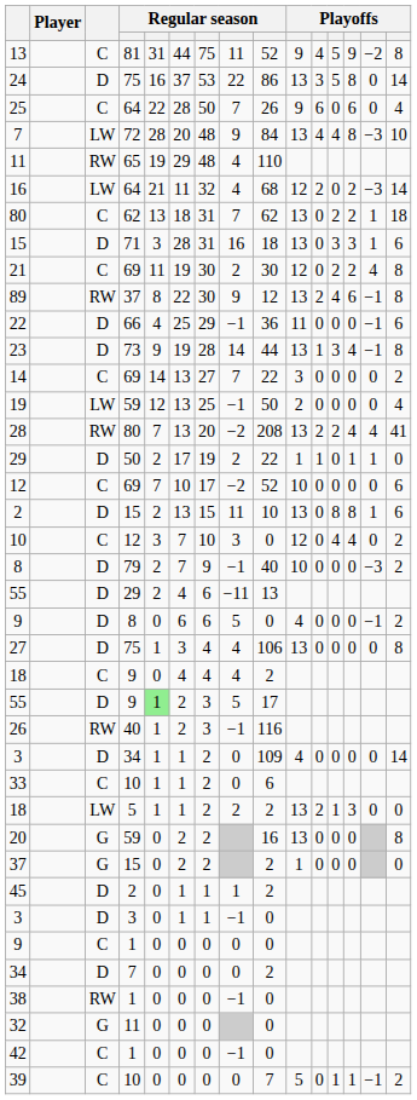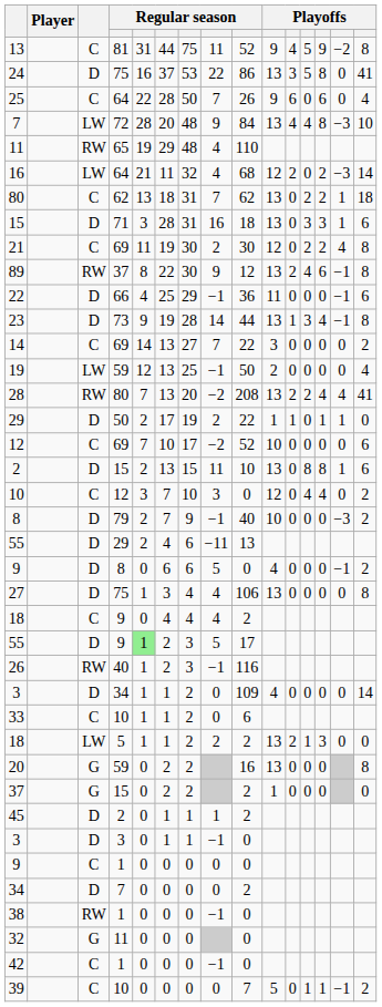 <table class="wikitable sortable plainrowheaders" style="text-align:center;">
 <tr>
 <th scope="col" data-sort-type="number" rowspan="2"></th>
 <th scope="col" rowspan="2">Player</th>
 <th scope="col" rowspan="2"></th>
 <th scope=colgroup colspan=6>Regular season</th>
 <th scope=colgroup colspan=6>Playoffs</th>
 </tr>
 <tr>
 <th scope="col" data-sort-type="number"></th>
 <th scope="col" data-sort-type="number"></th>
 <th scope="col" data-sort-type="number"></th>
 <th scope="col" data-sort-type="number"></th>
 <th scope="col" data-sort-type="number"></th>
 <th scope="col" data-sort-type="number"></th>
 <th scope="col" data-sort-type="number"></th>
 <th scope="col" data-sort-type="number"></th>
 <th scope="col" data-sort-type="number"></th>
 <th scope="col" data-sort-type="number"></th>
 <th scope="col" data-sort-type="number"></th>
 <th scope="col" data-sort-type="number"></th>
 </tr>
 <tr>
 <td scope="row">13</td>
 <td align="left"></td>
 <td>C</td>
 <td>81</td>
 <td>31</td>
 <td>44</td>
 <td>75</td>
 <td>11</td>
 <td>52</td>
 <td>9</td>
 <td>4</td>
 <td>5</td>
 <td>9</td>
 <td>−2</td>
 <td>8</td>
 </tr>
 <tr>
 <td scope="row">24</td>
 <td align="left"></td>
 <td>D</td>
 <td>75</td>
 <td>16</td>
 <td>37</td>
 <td>53</td>
 <td>22</td>
 <td>86</td>
 <td>13</td>
 <td>3</td>
 <td>5</td>
 <td>8</td>
 <td>0</td>
-<td>14</td>
+<td>41</td>
 </tr>
 <tr>
 <td scope="row">25</td>
 <td align="left"></td>
 <td>C</td>
 <td>64</td>
 <td>22</td>
 <td>28</td>
 <td>50</td>
 <td>7</td>
 <td>26</td>
 <td>9</td>
 <td>6</td>
 <td>0</td>
 <td>6</td>
 <td>0</td>
 <td>4</td>
 </tr>
 <tr>
 <td scope="row">7</td>
 <td align="left"></td>
 <td>LW</td>
 <td>72</td>
 <td>28</td>
 <td>20</td>
 <td>48</td>
 <td>9</td>
 <td>84</td>
 <td>13</td>
 <td>4</td>
 <td>4</td>
 <td>8</td>
 <td>−3</td>
 <td>10</td>
 </tr>
 <tr>
 <td scope="row">11</td>
 <td align="left"></td>
 <td>RW</td>
 <td>65</td>
 <td>19</td>
 <td>29</td>
 <td>48</td>
 <td>4</td>
 <td>110</td>
 <td></td>
 <td></td>
 <td></td>
 <td></td>
 <td></td>
 <td></td>
 </tr>
 <tr>
 <td scope="row">16</td>
 <td align="left"></td>
 <td>LW</td>
 <td>64</td>
 <td>21</td>
 <td>11</td>
 <td>32</td>
 <td>4</td>
 <td>68</td>
 <td>12</td>
 <td>2</td>
 <td>0</td>
 <td>2</td>
 <td>−3</td>
 <td>14</td>
 </tr>
 <tr>
 <td scope="row">80</td>
 <td align="left"></td>
 <td>C</td>
 <td>62</td>
 <td>13</td>
 <td>18</td>
 <td>31</td>
 <td>7</td>
 <td>62</td>
 <td>13</td>
 <td>0</td>
 <td>2</td>
 <td>2</td>
 <td>1</td>
 <td>18</td>
 </tr>
 <tr>
 <td scope="row">15</td>
 <td align="left"></td>
 <td>D</td>
 <td>71</td>
 <td>3</td>
 <td>28</td>
 <td>31</td>
 <td>16</td>
 <td>18</td>
 <td>13</td>
 <td>0</td>
 <td>3</td>
 <td>3</td>
 <td>1</td>
 <td>6</td>
 </tr>
 <tr>
 <td scope="row">21</td>
 <td align="left"></td>
 <td>C</td>
 <td>69</td>
 <td>11</td>
 <td>19</td>
 <td>30</td>
 <td>2</td>
 <td>30</td>
 <td>12</td>
 <td>0</td>
 <td>2</td>
 <td>2</td>
 <td>4</td>
 <td>8</td>
 </tr>
 <tr>
 <td scope="row">89</td>
 <td align="left"></td>
 <td>RW</td>
 <td>37</td>
 <td>8</td>
 <td>22</td>
 <td>30</td>
 <td>9</td>
 <td>12</td>
 <td>13</td>
 <td>2</td>
 <td>4</td>
 <td>6</td>
 <td>−1</td>
 <td>8</td>
 </tr>
 <tr>
 <td scope="row">22</td>
 <td align="left"></td>
 <td>D</td>
 <td>66</td>
 <td>4</td>
 <td>25</td>
 <td>29</td>
 <td>−1</td>
 <td>36</td>
 <td>11</td>
 <td>0</td>
 <td>0</td>
 <td>0</td>
 <td>−1</td>
 <td>6</td>
 </tr>
 <tr>
 <td scope="row">23</td>
 <td align="left"></td>
 <td>D</td>
 <td>73</td>
 <td>9</td>
 <td>19</td>
 <td>28</td>
 <td>14</td>
 <td>44</td>
 <td>13</td>
 <td>1</td>
 <td>3</td>
 <td>4</td>
 <td>−1</td>
 <td>8</td>
 </tr>
 <tr>
 <td scope="row">14</td>
 <td align="left"></td>
 <td>C</td>
 <td>69</td>
 <td>14</td>
 <td>13</td>
 <td>27</td>
 <td>7</td>
 <td>22</td>
 <td>3</td>
 <td>0</td>
 <td>0</td>
 <td>0</td>
 <td>0</td>
 <td>2</td>
 </tr>
 <tr>
 <td scope="row">19</td>
 <td align="left"></td>
 <td>LW</td>
 <td>59</td>
 <td>12</td>
 <td>13</td>
 <td>25</td>
 <td>−1</td>
 <td>50</td>
 <td>2</td>
 <td>0</td>
 <td>0</td>
 <td>0</td>
 <td>0</td>
 <td>4</td>
 </tr>
 <tr>
 <td scope="row">28</td>
 <td align="left"></td>
 <td>RW</td>
 <td>80</td>
 <td>7</td>
 <td>13</td>
 <td>20</td>
 <td>−2</td>
 <td>208</td>
 <td>13</td>
 <td>2</td>
 <td>2</td>
 <td>4</td>
 <td>4</td>
 <td>41</td>
 </tr>
 <tr>
 <td scope="row">29</td>
 <td align="left"></td>
 <td>D</td>
 <td>50</td>
 <td>2</td>
 <td>17</td>
 <td>19</td>
 <td>2</td>
 <td>22</td>
 <td>1</td>
 <td>1</td>
 <td>0</td>
 <td>1</td>
 <td>1</td>
 <td>0</td>
 </tr>
 <tr>
 <td scope="row">12</td>
 <td align="left"></td>
 <td>C</td>
 <td>69</td>
 <td>7</td>
 <td>10</td>
 <td>17</td>
 <td>−2</td>
 <td>52</td>
 <td>10</td>
 <td>0</td>
 <td>0</td>
 <td>0</td>
 <td>0</td>
 <td>6</td>
 </tr>
 <tr>
 <td scope="row">2</td>
 <td align="left"></td>
 <td>D</td>
 <td>15</td>
 <td>2</td>
 <td>13</td>
 <td>15</td>
 <td>11</td>
 <td>10</td>
 <td>13</td>
 <td>0</td>
 <td>8</td>
 <td>8</td>
 <td>1</td>
 <td>6</td>
 </tr>
 <tr>
 <td scope="row">10</td>
 <td align="left"></td>
 <td>C</td>
 <td>12</td>
 <td>3</td>
 <td>7</td>
 <td>10</td>
 <td>3</td>
 <td>0</td>
 <td>12</td>
 <td>0</td>
 <td>4</td>
 <td>4</td>
 <td>0</td>
 <td>2</td>
 </tr>
 <tr>
 <td scope="row">8</td>
 <td align="left"></td>
 <td>D</td>
 <td>79</td>
 <td>2</td>
 <td>7</td>
 <td>9</td>
 <td>−1</td>
 <td>40</td>
 <td>10</td>
 <td>0</td>
 <td>0</td>
 <td>0</td>
 <td>−3</td>
 <td>2</td>
 </tr>
 <tr>
 <td scope="row">55</td>
 <td align="left"></td>
 <td>D</td>
 <td>29</td>
 <td>2</td>
 <td>4</td>
 <td>6</td>
 <td>−11</td>
 <td>13</td>
 <td></td>
 <td></td>
 <td></td>
 <td></td>
 <td></td>
 <td></td>
 </tr>
 <tr>
 <td scope="row">9</td>
 <td align="left"></td>
 <td>D</td>
 <td>8</td>
 <td>0</td>
 <td>6</td>
 <td>6</td>
 <td>5</td>
 <td>0</td>
 <td>4</td>
 <td>0</td>
 <td>0</td>
 <td>0</td>
 <td>−1</td>
 <td>2</td>
 </tr>
 <tr>
 <td scope="row">27</td>
 <td align="left"></td>
 <td>D</td>
 <td>75</td>
 <td>1</td>
 <td>3</td>
 <td>4</td>
 <td>4</td>
 <td>106</td>
 <td>13</td>
 <td>0</td>
 <td>0</td>
 <td>0</td>
 <td>0</td>
 <td>8</td>
 </tr>
 <tr>
 <td scope="row">18</td>
 <td align="left"></td>
 <td>C</td>
 <td>9</td>
 <td>0</td>
 <td>4</td>
 <td>4</td>
 <td>4</td>
 <td>2</td>
 <td></td>
 <td></td>
 <td></td>
 <td></td>
 <td></td>
 <td></td>
 </tr>
 <tr>
 <td scope="row">55</td>
 <td align="left"></td>
 <td>D</td>
 <td>9</td>
 <td style="background: lightgreen;">1</td>
 <td>2</td>
 <td>3</td>
 <td>5</td>
 <td>17</td>
 <td></td>
 <td></td>
 <td></td>
 <td></td>
 <td></td>
 <td></td>
 </tr>
 <tr>
 <td scope="row">26</td>
 <td align="left"></td>
 <td>RW</td>
 <td>40</td>
 <td>1</td>
 <td>2</td>
 <td>3</td>
 <td>−1</td>
 <td>116</td>
 <td></td>
 <td></td>
 <td></td>
 <td></td>
 <td></td>
 <td></td>
 </tr>
 <tr>
 <td scope="row">3</td>
 <td align="left"></td>
 <td>D</td>
 <td>34</td>
 <td>1</td>
 <td>1</td>
 <td>2</td>
 <td>0</td>
 <td>109</td>
 <td>4</td>
 <td>0</td>
 <td>0</td>
 <td>0</td>
 <td>0</td>
 <td>14</td>
 </tr>
 <tr>
 <td scope="row">33</td>
 <td align="left"></td>
 <td>C</td>
 <td>10</td>
 <td>1</td>
 <td>1</td>
 <td>2</td>
 <td>0</td>
 <td>6</td>
 <td></td>
 <td></td>
 <td></td>
 <td></td>
 <td></td>
 <td></td>
 </tr>
 <tr>
 <td scope="row">18</td>
 <td align="left"></td>
 <td>LW</td>
 <td>5</td>
 <td>1</td>
 <td>1</td>
 <td>2</td>
 <td>2</td>
 <td>2</td>
 <td>13</td>
 <td>2</td>
 <td>1</td>
 <td>3</td>
 <td>0</td>
 <td>0</td>
 </tr>
 <tr>
 <td scope="row">20</td>
 <td align="left"></td>
 <td>G</td>
 <td>59</td>
 <td>0</td>
 <td>2</td>
 <td>2</td>
 <td style="background:#ccc"></td>
 <td>16</td>
 <td>13</td>
 <td>0</td>
 <td>0</td>
 <td>0</td>
 <td style="background:#ccc"></td>
 <td>8</td>
 </tr>
 <tr>
 <td scope="row">37</td>
 <td align="left"></td>
 <td>G</td>
 <td>15</td>
 <td>0</td>
 <td>2</td>
 <td>2</td>
 <td style="background:#ccc"></td>
 <td>2</td>
 <td>1</td>
 <td>0</td>
 <td>0</td>
 <td>0</td>
 <td style="background:#ccc"></td>
 <td>0</td>
 </tr>
 <tr>
 <td scope="row">45</td>
 <td align="left"></td>
 <td>D</td>
 <td>2</td>
 <td>0</td>
 <td>1</td>
 <td>1</td>
 <td>1</td>
 <td>2</td>
 <td></td>
 <td></td>
 <td></td>
 <td></td>
 <td></td>
 <td></td>
 </tr>
 <tr>
 <td scope="row">3</td>
 <td align="left"></td>
 <td>D</td>
 <td>3</td>
 <td>0</td>
 <td>1</td>
 <td>1</td>
 <td>−1</td>
 <td>0</td>
 <td></td>
 <td></td>
 <td></td>
 <td></td>
 <td></td>
 <td></td>
 </tr>
 <tr>
 <td scope="row">9</td>
 <td align="left"></td>
 <td>C</td>
 <td>1</td>
 <td>0</td>
 <td>0</td>
 <td>0</td>
 <td>0</td>
 <td>0</td>
 <td></td>
 <td></td>
 <td></td>
 <td></td>
 <td></td>
 <td></td>
 </tr>
 <tr>
 <td scope="row">34</td>
 <td align="left"></td>
 <td>D</td>
 <td>7</td>
 <td>0</td>
 <td>0</td>
 <td>0</td>
 <td>0</td>
 <td>2</td>
 <td></td>
 <td></td>
 <td></td>
 <td></td>
 <td></td>
 <td></td>
 </tr>
 <tr>
 <td scope="row">38</td>
 <td align="left"></td>
 <td>RW</td>
 <td>1</td>
 <td>0</td>
 <td>0</td>
 <td>0</td>
 <td>−1</td>
 <td>0</td>
 <td></td>
 <td></td>
 <td></td>
 <td></td>
 <td></td>
 <td></td>
 </tr>
 <tr>
 <td scope="row">32</td>
 <td align="left"></td>
 <td>G</td>
 <td>11</td>
 <td>0</td>
 <td>0</td>
 <td>0</td>
 <td style="background:#ccc"></td>
 <td>0</td>
 <td></td>
 <td></td>
 <td></td>
 <td></td>
 <td></td>
 <td></td>
 </tr>
 <tr>
 <td scope="row">42</td>
 <td align="left"></td>
 <td>C</td>
 <td>1</td>
 <td>0</td>
 <td>0</td>
 <td>0</td>
 <td>−1</td>
 <td>0</td>
 <td></td>
 <td></td>
 <td></td>
 <td></td>
 <td></td>
 <td></td>
 </tr>
 <tr>
 <td scope="row">39</td>
 <td align="left"></td>
 <td>C</td>
 <td>10</td>
 <td>0</td>
 <td>0</td>
 <td>0</td>
 <td>0</td>
 <td>7</td>
 <td>5</td>
 <td>0</td>
 <td>1</td>
 <td>1</td>
 <td>−1</td>
 <td>2</td>
 </tr>
 </table>
